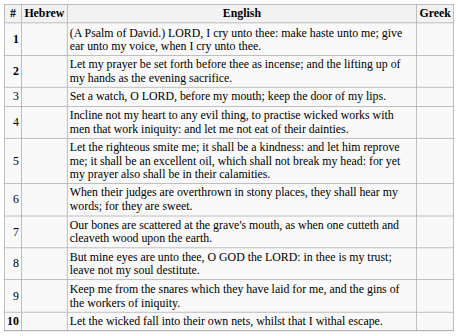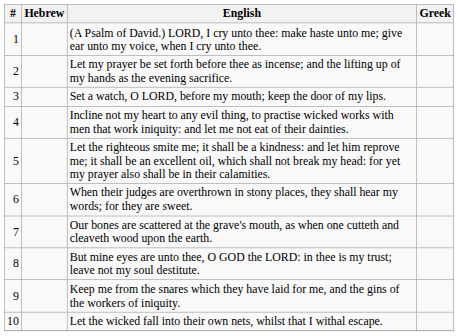 <table class=wikitable>
 <tr>
 <th>#</th>
 <th>Hebrew</th>
 <th>English</th>
 <th>Greek</th>
 </tr>
 <tr>
-<td style="text-align:right"><strong>1</strong></td>
+<td style="text-align:right">1</td>
 <td style="text-align:right"></td>
 <td>(A Psalm of David.) LORD, I cry unto thee: make haste unto me; give ear unto my voice, when I cry unto thee.</td>
 <td></td>
 </tr>
 <tr>
-<td style="text-align:right"><strong>2</strong></td>
+<td style="text-align:right">2</td>
 <td style="text-align:right"></td>
 <td>Let my prayer be set forth before thee as incense; and the lifting up of my hands as the evening sacrifice.</td>
 <td></td>
 </tr>
 <tr>
 <td style="text-align:right">3</td>
 <td style="text-align:right"></td>
 <td>Set a watch, O LORD, before my mouth; keep the door of my lips.</td>
 <td></td>
 </tr>
 <tr>
 <td style="text-align:right">4</td>
 <td style="text-align:right"></td>
 <td>Incline not my heart to any evil thing, to practise wicked works with men that work iniquity: and let me not eat of their dainties.</td>
 <td></td>
 </tr>
 <tr>
 <td style="text-align:right">5</td>
 <td style="text-align:right"></td>
 <td>Let the righteous smite me; it shall be a kindness: and let him reprove me; it shall be an excellent oil, which shall not break my head: for yet my prayer also shall be in their calamities.</td>
 <td></td>
 </tr>
 <tr>
 <td style="text-align:right">6</td>
 <td style="text-align:right"></td>
 <td>When their judges are overthrown in stony places, they shall hear my words; for they are sweet.</td>
 <td></td>
 </tr>
 <tr>
 <td style="text-align:right">7</td>
 <td style="text-align:right"></td>
 <td>Our bones are scattered at the grave's mouth, as when one cutteth and cleaveth wood upon the earth.</td>
 <td></td>
 </tr>
 <tr>
 <td style="text-align:right">8</td>
 <td style="text-align:right"></td>
 <td>But mine eyes are unto thee, O GOD the LORD: in thee is my trust; leave not my soul destitute.</td>
 <td></td>
 </tr>
 <tr>
 <td style="text-align:right">9</td>
 <td style="text-align:right"></td>
 <td>Keep me from the snares which they have laid for me, and the gins of the workers of iniquity.</td>
 <td></td>
 </tr>
 <tr>
-<td style="text-align:right"><strong>10</strong></td>
+<td style="text-align:right">10</td>
 <td style="text-align:right"></td>
 <td>Let the wicked fall into their own nets, whilst that I withal escape.</td>
 <td></td>
 </tr>
 <tr>
 </tr>
 </table>
